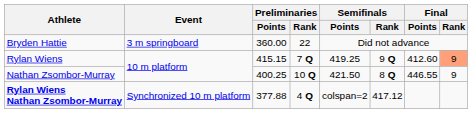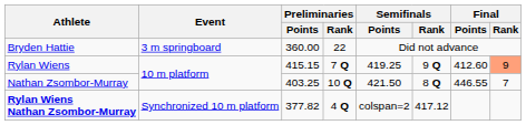 <table class=wikitable style="font-size:90%;">
 <tr>
 <th rowspan="2">Athlete</th>
 <th rowspan="2">Event</th>
 <th colspan="2">Preliminaries</th>
 <th colspan="2">Semifinals</th>
 <th colspan="2">Final</th>
 </tr>
 <tr style="font-size:95%">
 <th>Points</th>
 <th>Rank</th>
 <th>Points</th>
 <th>Rank</th>
 <th>Points</th>
 <th>Rank</th>
 </tr>
 <tr align=center>
 <td align=left><a href='#'>Bryden Hattie</a></td>
 <td align=left><a href='#'>3 m springboard</a></td>
 <td>360.00</td>
 <td>22</td>
 <td colspan=4>Did not advance</td>
 </tr>
 <tr align=center>
 <td align=left><a href='#'>Rylan Wiens</a></td>
 <td align=left rowspan=2><a href='#'>10 m platform</a></td>
 <td>415.15</td>
 <td>7 <strong>Q</strong></td>
 <td>419.25</td>
 <td>9 <strong>Q</strong></td>
 <td>412.60</td>
 <td style="background: lightsalmon;">9</td>
 </tr>
 <tr align=center>
 <td align=left><a href='#'>Nathan Zsombor-Murray</a></td>
-<td>400.25</td>
+<td>403.25</td>
 <td>10 <strong>Q</strong></td>
 <td>421.50</td>
 <td>8 <strong>Q</strong></td>
 <td>446.55</td>
-<td>9</td>
+<td>7</td>
 </tr>
 <tr align=center>
 <td align=left><strong><a href='#'>Rylan Wiens</a><br><a href='#'>Nathan Zsombor-Murray</a></strong></td>
 <td align=left><a href='#'>Synchronized 10 m platform</a></td>
-<td>377.88</td>
+<td>377.82</td>
 <td>4 <strong>Q</strong></td>
 <td>colspan=2 </td>
 <td>417.12</td>
 <td></td>
 </tr>
 </table>
